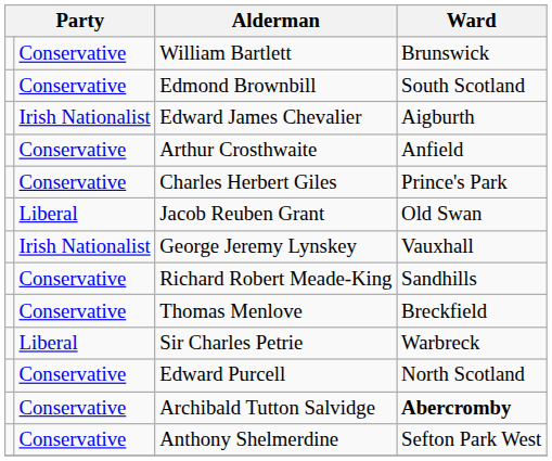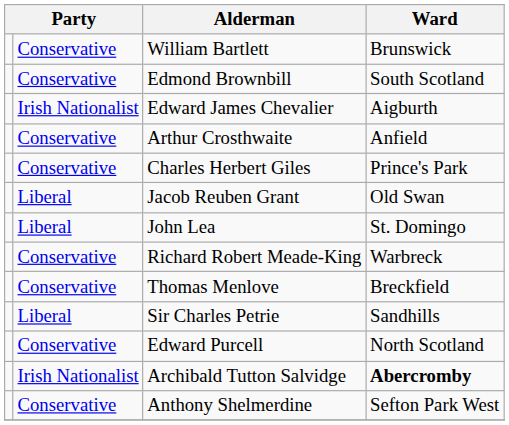 <table class="wikitable">
 <tr>
 <th colspan="2">Party</th>
 <th>Alderman</th>
 <th>Ward</th>
 </tr>
 <tr>
 <td style="background-color:"></td>
 <td><a href='#'>Conservative</a></td>
 <td>William Bartlett</td>
 <td>Brunswick</td>
 </tr>
 <tr>
 <td style="background-color:"></td>
 <td><a href='#'>Conservative</a></td>
 <td>Edmond Brownbill</td>
 <td>South Scotland</td>
 </tr>
 <tr>
 <td style="background-color:"></td>
 <td><a href='#'>Irish Nationalist</a></td>
 <td>Edward James Chevalier</td>
 <td>Aigburth</td>
 </tr>
 <tr>
 <td style="background-color:"></td>
 <td><a href='#'>Conservative</a></td>
 <td>Arthur Crosthwaite</td>
 <td>Anfield</td>
 </tr>
 <tr>
 <td style="background-color:"></td>
 <td><a href='#'>Conservative</a></td>
 <td>Charles Herbert Giles</td>
 <td>Prince's Park</td>
 </tr>
 <tr>
 <td style="background-color:"></td>
 <td><a href='#'>Liberal</a></td>
 <td>Jacob Reuben Grant</td>
 <td>Old Swan</td>
 </tr>
 <tr>
 <td style="background-color:"></td>
-<td><a href='#'>Irish Nationalist</a></td>
-<td>George Jeremy Lynskey</td>
-<td>Vauxhall</td>
+<td><a href='#'>Liberal</a></td>
+<td>John Lea</td>
+<td>St. Domingo</td>
 </tr>
 <tr>
 <td style="background-color:"></td>
 <td><a href='#'>Conservative</a></td>
 <td>Richard Robert Meade-King</td>
-<td>Sandhills</td>
+<td>Warbreck</td>
 </tr>
 <tr>
 <td style="background-color:"></td>
 <td><a href='#'>Conservative</a></td>
 <td>Thomas Menlove</td>
 <td>Breckfield</td>
 </tr>
 <tr>
 <td style="background-color:"></td>
 <td><a href='#'>Liberal</a></td>
 <td>Sir Charles Petrie</td>
-<td>Warbreck</td>
+<td>Sandhills</td>
 </tr>
 <tr>
 <td style="background-color:"></td>
 <td><a href='#'>Conservative</a></td>
 <td>Edward Purcell</td>
 <td>North Scotland</td>
 </tr>
 <tr>
 <td style="background-color:"></td>
-<td><a href='#'>Conservative</a></td>
+<td><a href='#'>Irish Nationalist</a></td>
 <td>Archibald Tutton Salvidge</td>
 <td><strong>Abercromby</strong></td>
 </tr>
 <tr>
 <td style="background-color:"></td>
 <td><a href='#'>Conservative</a></td>
 <td>Anthony Shelmerdine</td>
 <td>Sefton Park West</td>
 </tr>
 <tr>
 </tr>
 </table>
